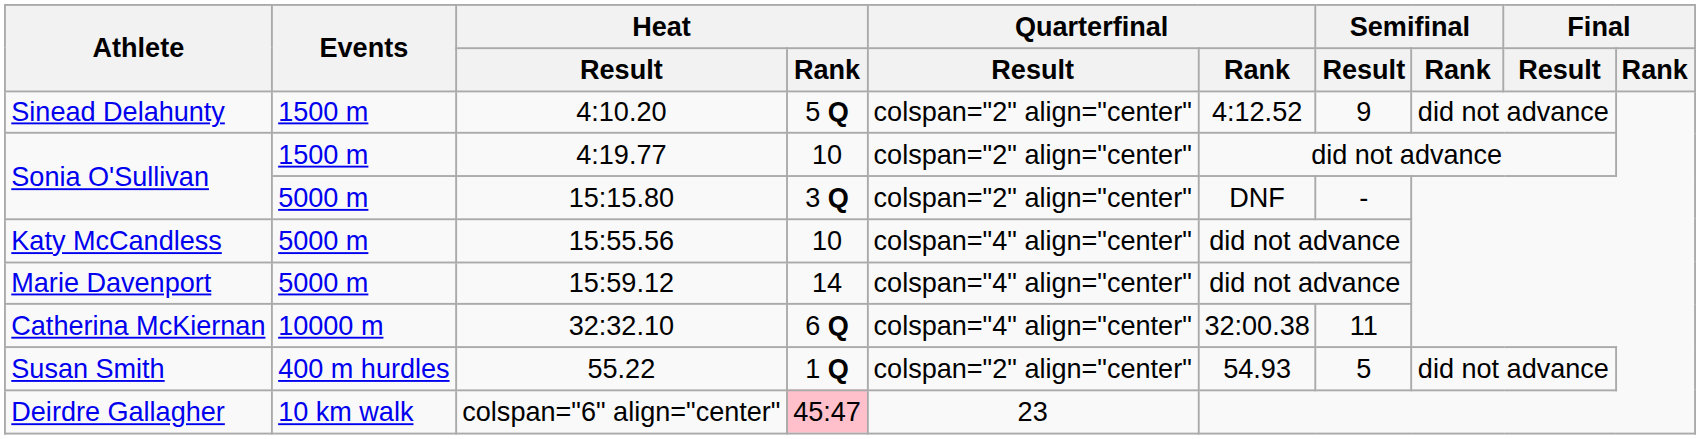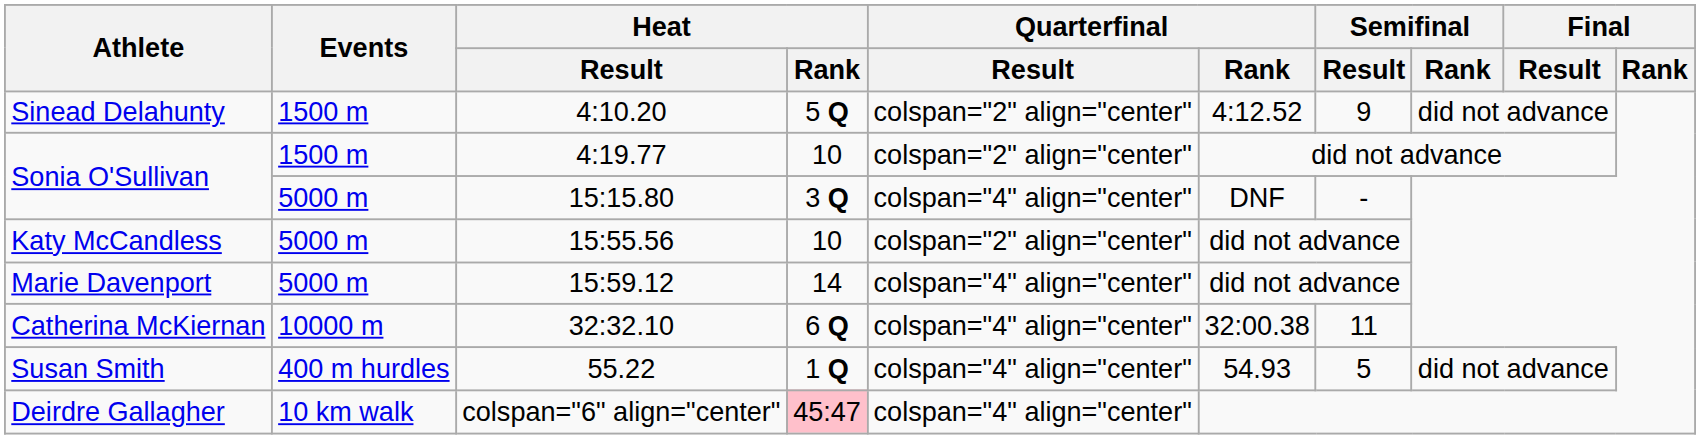 <table class=wikitable style="font-size:90%">
 <tr>
 <th rowspan="2">Athlete</th>
 <th rowspan="2">Events</th>
 <th colspan="2">Heat</th>
 <th colspan="2">Quarterfinal</th>
 <th colspan="2">Semifinal</th>
 <th colspan="2">Final</th>
 </tr>
 <tr>
 <th>Result</th>
 <th>Rank</th>
 <th>Result</th>
 <th>Rank</th>
 <th>Result</th>
 <th>Rank</th>
 <th>Result</th>
 <th>Rank</th>
 </tr>
 <tr>
 <td><a href='#'>Sinead Delahunty</a></td>
 <td><a href='#'>1500 m</a></td>
 <td align="center">4:10.20</td>
 <td align="center">5 <strong>Q</strong></td>
 <td>colspan="2" align="center" </td>
 <td align="center">4:12.52</td>
 <td align="center">9</td>
 <td align=center colspan=2>did not advance</td>
 </tr>
 <tr>
 <td rowspan="2"><a href='#'>Sonia O'Sullivan</a></td>
 <td><a href='#'>1500 m</a></td>
 <td align="center">4:19.77</td>
 <td align="center">10</td>
 <td>colspan="2" align="center" </td>
 <td align=center colspan=4>did not advance</td>
 </tr>
 <tr>
 <td><a href='#'>5000 m</a></td>
 <td align="center">15:15.80</td>
 <td align="center">3 <strong>Q</strong></td>
-<td>colspan="2" align="center" </td>
+<td>colspan="4" align="center" </td>
 <td align="center">DNF</td>
 <td align="center">-</td>
 </tr>
 <tr>
 <td><a href='#'>Katy McCandless</a></td>
 <td><a href='#'>5000 m</a></td>
 <td align="center">15:55.56</td>
 <td align="center">10</td>
-<td>colspan="4" align="center" </td>
+<td>colspan="2" align="center" </td>
 <td align=center colspan=2>did not advance</td>
 </tr>
 <tr>
 <td><a href='#'>Marie Davenport</a></td>
 <td><a href='#'>5000 m</a></td>
 <td align="center">15:59.12</td>
 <td align="center">14</td>
 <td>colspan="4" align="center" </td>
 <td align=center colspan=2>did not advance</td>
 </tr>
 <tr>
 <td><a href='#'>Catherina McKiernan</a></td>
 <td><a href='#'>10000 m</a></td>
 <td align="center">32:32.10</td>
 <td align="center">6 <strong>Q</strong></td>
 <td>colspan="4" align="center" </td>
 <td align="center">32:00.38</td>
 <td align="center">11</td>
 </tr>
 <tr>
 <td><a href='#'>Susan Smith</a></td>
 <td><a href='#'>400 m hurdles</a></td>
 <td align="center">55.22</td>
 <td align="center">1 <strong>Q</strong></td>
-<td>colspan="2" align="center" </td>
+<td>colspan="4" align="center" </td>
 <td align="center">54.93</td>
 <td align="center">5</td>
 <td align=center colspan=2>did not advance</td>
 </tr>
 <tr>
 <td><a href='#'>Deirdre Gallagher</a></td>
 <td><a href='#'>10 km walk</a></td>
 <td>colspan="6" align="center" </td>
 <td align="center" style="background: pink;">45:47</td>
-<td align="center">23</td>
+<td>colspan="4" align="center" </td>
 </tr>
 </table>
